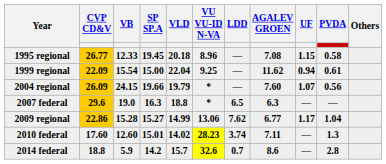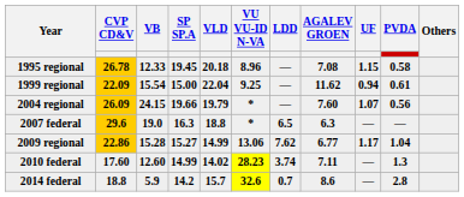 <table class="wikitable" style="text-align:center; font-size:85%; line-height:16px;">
 <tr style="height:42px;">
 <th style="width:100px;" rowspan="2">Year</th>
 <th><a href='#'><span>CVP<br>CD&V</span></a></th>
 <th><a href='#'><span>VB</span></a></th>
 <th><a href='#'><span>SP<br>SP.A</span></a></th>
 <th><a href='#'><span>VLD</span></a></th>
 <th><a href='#'><span>VU<br>VU-ID<br>N-VA</span></a></th>
 <th><a href='#'><span>LDD</span></a></th>
 <th><a href='#'><span>AGALEV<br>GROEN</span></a></th>
 <th><a href='#'><span>UF</span></a></th>
 <th><a href='#'><span>PVDA</span></a></th>
 <th style="width:40px;" rowspan="2">Others</th>
 </tr>
 <tr>
 <th style="color:inherit;background:"></th>
 <th style="color:inherit;background:"></th>
 <th style="color:inherit;background:"></th>
 <th style="color:inherit;background:"></th>
 <th style="color:inherit;background:"></th>
 <th style="color:inherit;background:"></th>
 <th style="color:inherit;background:"></th>
 <th style="color:inherit;background:"></th>
 <th style="color:inherit;background:#CC0000; width:30px;"></th>
 </tr>
 <tr style="background:#EFEFEF; font-weight:bold;">
 <td>1995 regional</td>
-<td style="background:#FFCC00">26.77</td>
+<td style="background:#FFCC00">26.78</td>
 <td>12.33</td>
 <td>19.45</td>
 <td>20.18</td>
 <td>8.96</td>
 <td>—</td>
 <td>7.08</td>
 <td>1.15</td>
 <td>0.58</td>
 <td></td>
 </tr>
 <tr style="background:#EFEFEF; font-weight:bold;">
 <td>1999 regional</td>
 <td style="background:#FFCC00">22.09</td>
 <td>15.54</td>
 <td>15.00</td>
 <td>22.04</td>
 <td>9.25</td>
 <td>—</td>
 <td>11.62</td>
 <td>0.94</td>
 <td>0.61</td>
 <td></td>
 </tr>
 <tr style="background:#EFEFEF; font-weight:bold;">
 <td>2004 regional</td>
 <td style="background:#FFCC00">26.09</td>
 <td>24.15</td>
 <td>19.66</td>
 <td>19.79</td>
 <td>*</td>
 <td>—</td>
 <td>7.60</td>
 <td>1.07</td>
 <td>0.56</td>
 <td></td>
 </tr>
 <tr style="background:#EFEFEF; font-weight:bold;">
 <td>2007 federal</td>
 <td style="background:#FFCC00">29.6</td>
 <td>19.0</td>
 <td>16.3</td>
 <td>18.8</td>
 <td>*</td>
 <td>6.5</td>
 <td>6.3</td>
 <td>—</td>
 <td>—</td>
 <td></td>
 </tr>
 <tr style="background:#EFEFEF; font-weight:bold;">
 <td>2009 regional</td>
 <td style="background:#FFCC00">22.86</td>
 <td>15.28</td>
 <td>15.27</td>
 <td>14.99</td>
 <td>13.06</td>
 <td>7.62</td>
 <td>6.77</td>
 <td>1.17</td>
 <td>1.04</td>
 <td></td>
 </tr>
 <tr style="background:#EFEFEF; font-weight:bold;">
 <td>2010 federal</td>
 <td>17.60</td>
 <td>12.60</td>
-<td>15.01</td>
+<td>14.99</td>
 <td>14.02</td>
 <td style="background:yellow">28.23</td>
 <td>3.74</td>
 <td>7.11</td>
 <td>—</td>
 <td>1.3</td>
 <td></td>
 </tr>
 <tr style="background:#EFEFEF; font-weight:bold;">
 <td>2014 federal</td>
 <td>18.8</td>
 <td>5.9</td>
 <td>14.2</td>
 <td>15.7</td>
 <td style="background:yellow">32.6</td>
 <td>0.7</td>
 <td>8.6</td>
 <td>—</td>
 <td>2.8</td>
 <td></td>
 </tr>
 </table>
